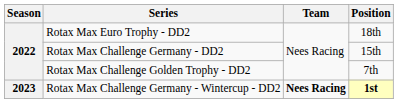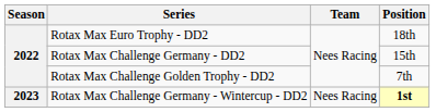 <table class="wikitable" style="font-size: 85%; text-align:center">
 <tr>
 <th>Season</th>
 <th>Series</th>
 <th>Team</th>
 <th>Position</th>
 </tr>
 <tr>
 <th rowspan="3">2022</th>
 <td style="text-align:left">Rotax Max Euro Trophy - DD2</td>
 <td rowspan="3" style="text-align:left">Nees Racing</td>
 <td>18th</td>
 </tr>
 <tr>
 <td style="text-align:left">Rotax Max Challenge Germany - DD2</td>
 <td>15th</td>
 </tr>
 <tr>
 <td style="text-align:left">Rotax Max Challenge Golden Trophy - DD2</td>
 <td>7th</td>
 </tr>
 <tr>
 <th rowspan="2">2023</th>
 <td style="text-align:left">Rotax Max Challenge Germany - Wintercup - DD2</td>
-<td style="text-align:left"><strong>Nees Racing</strong></td>
+<td style="text-align:left">Nees Racing</td>
 <th style="background:#FFFFBF">1st</th>
 </tr>
 </table>
